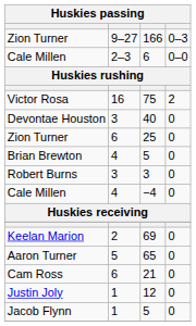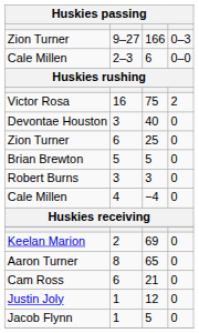 <table class="wikitable plainrowheaders">
 <tr>
 <th colspan="6">Huskies passing</th>
 </tr>
 <tr>
 <th scope="col"></th>
 <th scope="col"></th>
 <th scope="col"></th>
 <th scope="col"></th>
 </tr>
 <tr>
 <td>Zion Turner</td>
 <td>9–27</td>
 <td>166</td>
 <td>0–3</td>
 </tr>
 <tr>
 <td>Cale Millen</td>
 <td>2–3</td>
 <td>6</td>
 <td>0–0</td>
 </tr>
 <tr>
 <th colspan="6">Huskies rushing</th>
 </tr>
 <tr>
 <th scope="col"></th>
 <th scope="col"></th>
 <th scope="col"></th>
 <th scope="col"></th>
 </tr>
 <tr>
 <td>Victor Rosa</td>
 <td>16</td>
 <td>75</td>
 <td>2</td>
 </tr>
 <tr>
 <td>Devontae Houston</td>
 <td>3</td>
 <td>40</td>
 <td>0</td>
 </tr>
 <tr>
 <td>Zion Turner</td>
 <td>6</td>
 <td>25</td>
 <td>0</td>
 </tr>
 <tr>
 <td>Brian Brewton</td>
-<td>4</td>
+<td>5</td>
 <td>5</td>
 <td>0</td>
 </tr>
 <tr>
 <td>Robert Burns</td>
 <td>3</td>
 <td>3</td>
 <td>0</td>
 </tr>
 <tr>
 <td>Cale Millen</td>
 <td>4</td>
 <td>−4</td>
 <td>0</td>
 </tr>
 <tr>
 <th colspan="6">Huskies receiving</th>
 </tr>
 <tr>
 </tr>
 <tr>
 <th scope="col"></th>
 <th scope="col"></th>
 <th scope="col"></th>
 <th scope="col"></th>
 </tr>
 <tr>
 <td><a href='#'>Keelan Marion</a></td>
 <td>2</td>
 <td>69</td>
 <td>0</td>
 </tr>
 <tr>
 <td>Aaron Turner</td>
-<td>5</td>
+<td>8</td>
 <td>65</td>
 <td>0</td>
 </tr>
 <tr>
 <td>Cam Ross</td>
 <td>6</td>
 <td>21</td>
 <td>0</td>
 </tr>
 <tr>
 <td><a href='#'>Justin Joly</a></td>
 <td>1</td>
 <td>12</td>
 <td>0</td>
 </tr>
 <tr>
 <td>Jacob Flynn</td>
 <td>1</td>
 <td>5</td>
 <td>0</td>
 </tr>
 <tr>
 </tr>
 </table>
